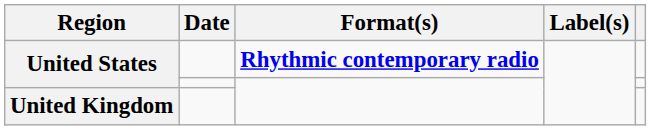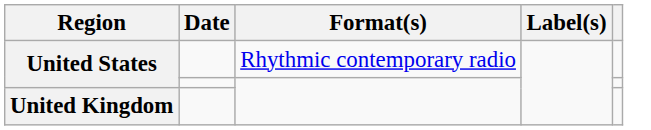 <table class="wikitable plainrowheaders">
 <tr>
 <th scope="col">Region</th>
 <th scope="col">Date</th>
 <th scope="col">Format(s)</th>
 <th scope="col">Label(s)</th>
 <th scope="col"></th>
 </tr>
 <tr>
 <th scope="row" rowspan="2">United States</th>
 <td></td>
-<td><strong><a href='#'>Rhythmic contemporary radio</a></strong></td>
+<td><a href='#'>Rhythmic contemporary radio</a></td>
 <td rowspan="3"></td>
 <td></td>
 </tr>
 <tr>
 <td></td>
 <td rowspan="2"></td>
 <td></td>
 </tr>
 <tr>
 <th scope="row">United Kingdom</th>
 <td></td>
 <td></td>
 </tr>
 </table>
